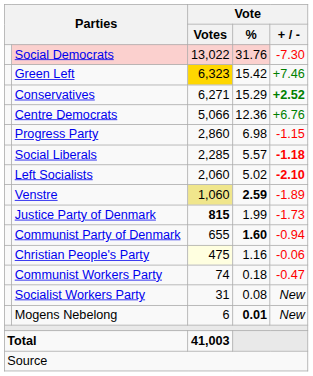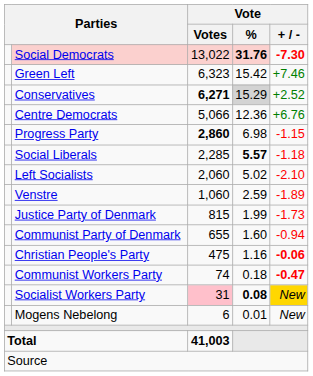 <table class="wikitable" style="text-align:right;">
 <tr>
 <th style="text-align:centre;" rowspan="2" colspan="2" width="225">Parties</th>
 <th colspan="3">Vote</th>
 </tr>
 <tr>
 <th width="15">Votes</th>
 <th width="15">%</th>
 <th width="15">+ / -</th>
 </tr>
 <tr>
 <td width="2" style="color:inherit;background:"></td>
 <td bgcolor=#fbd0ce  align="left"><a href='#'>Social Democrats</a></td>
 <td bgcolor=#fbd0ce>13,022</td>
-<td bgcolor=#fbd0ce>31.76</td>
-<td style=color:red;>-7.30</td>
+<td bgcolor=#fbd0ce><strong>31.76</strong></td>
+<td style=color:red;><strong>-7.30</strong></td>
 </tr>
 <tr>
 <td width="2" style="color:inherit;background:"></td>
 <td align="left"><a href='#'>Green Left</a></td>
-<td style="background: gold;">6,323</td>
+<td>6,323</td>
 <td>15.42</td>
 <td style=color:green;>+7.46</td>
 </tr>
 <tr>
 <td width="2" style="color:inherit;background:"></td>
 <td align="left"><a href='#'>Conservatives</a></td>
-<td>6,271</td>
-<td>15.29</td>
-<td style=color:green;><strong>+2.52</strong></td>
+<td><strong>6,271</strong></td>
+<td style="background: lightgrey;">15.29</td>
+<td style=color:green;>+2.52</td>
 </tr>
 <tr>
 <td width="2" style="color:inherit;background:"></td>
 <td align="left"><a href='#'>Centre Democrats</a></td>
 <td>5,066</td>
 <td>12.36</td>
 <td style=color:green;>+6.76</td>
 </tr>
 <tr>
 <td width="2" style="color:inherit;background:"></td>
 <td align="left"><a href='#'>Progress Party</a></td>
-<td>2,860</td>
+<td><strong>2,860</strong></td>
 <td>6.98</td>
 <td style=color:red;>-1.15</td>
 </tr>
 <tr>
 <td width="2" style="color:inherit;background:"></td>
 <td align="left"><a href='#'>Social Liberals</a></td>
 <td>2,285</td>
-<td>5.57</td>
-<td style=color:red;><strong>-1.18</strong></td>
+<td><strong>5.57</strong></td>
+<td style=color:red;>-1.18</td>
 </tr>
 <tr>
 <td width="2" style="color:inherit;background:"></td>
 <td align="left"><a href='#'>Left Socialists</a></td>
 <td>2,060</td>
 <td>5.02</td>
-<td style=color:red;><strong>-2.10</strong></td>
+<td style=color:red;>-2.10</td>
 </tr>
 <tr>
 <td width="2" style="color:inherit;background:"></td>
 <td align="left"><a href='#'>Venstre</a></td>
-<td style="background: khaki;">1,060</td>
-<td><strong>2.59</strong></td>
+<td>1,060</td>
+<td>2.59</td>
 <td style=color:red;>-1.89</td>
 </tr>
 <tr>
 <td width="2" style="color:inherit;background:"></td>
 <td align="left"><a href='#'>Justice Party of Denmark</a></td>
-<td><strong>815</strong></td>
+<td>815</td>
 <td>1.99</td>
 <td style=color:red;>-1.73</td>
 </tr>
 <tr>
 <td width="2" style="color:inherit;background:"></td>
 <td align="left"><a href='#'>Communist Party of Denmark</a></td>
 <td>655</td>
-<td><strong>1.60</strong></td>
+<td>1.60</td>
 <td style=color:red;>-0.94</td>
 </tr>
 <tr>
 <td width="2" style="color:inherit;background:"></td>
 <td align="left"><a href='#'>Christian People's Party</a></td>
-<td style="background: lightyellow;">475</td>
+<td>475</td>
 <td>1.16</td>
-<td style=color:red;>-0.06</td>
+<td style=color:red;><strong>-0.06</strong></td>
 </tr>
 <tr>
 <td width="2" style="color:inherit;background:"></td>
 <td align="left"><a href='#'>Communist Workers Party</a></td>
 <td>74</td>
 <td>0.18</td>
-<td style=color:red;>-0.47</td>
+<td style=color:red;><strong>-0.47</strong></td>
 </tr>
 <tr>
 <td width="2" style="color:inherit;background:"></td>
 <td align="left"><a href='#'>Socialist Workers Party</a></td>
-<td>31</td>
-<td>0.08</td>
-<td><em>New</em></td>
+<td style="background: pink;">31</td>
+<td><strong>0.08</strong></td>
+<td style="background: gold;"><em>New</em></td>
 </tr>
 <tr>
 <td width="2" style="color:inherit;background:"></td>
 <td align="left">Mogens Nebelong</td>
 <td>6</td>
-<td><strong>0.01</strong></td>
+<td>0.01</td>
 <td><em>New</em></td>
 </tr>
 <tr>
 <td colspan="7" bgcolor="#E9E9E9"></td>
 </tr>
 <tr>
 <td align="left" colspan="2"><strong>Total</strong></td>
 <td><strong>41,003</strong></td>
 <td bgcolor="#E9E9E9" colspan="2"></td>
 </tr>
 <tr>
 <td align="left" colspan="6">Source</td>
 </tr>
 </table>
